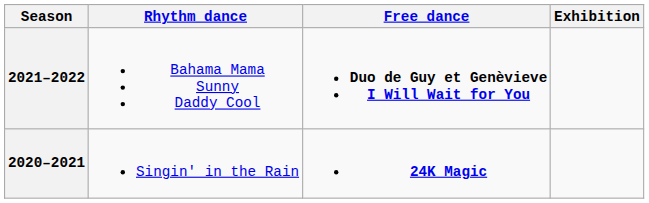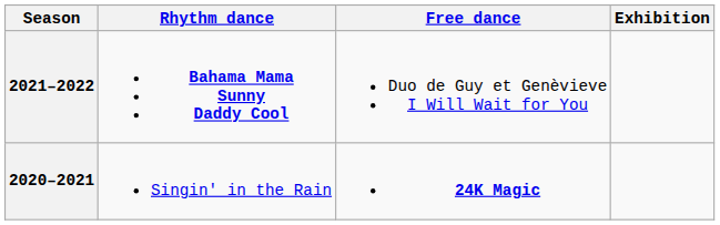 <table class=wikitable style=text-align:center>
 <tr>
 <th>Season</th>
 <th><a href='#'>Rhythm dance</a></th>
 <th><a href='#'>Free dance</a></th>
 <th>Exhibition</th>
 </tr>
 <tr>
 <th>2021–2022</th>
-<td><br><ul><li><a href='#'>Bahama Mama</a> <br> </li><li><a href='#'>Sunny</a> <br> </li><li><a href='#'>Daddy Cool</a> <br> </li></ul></td>
-<td><strong><br><ul><li>Duo de Guy et Genèvieve <br> </li><li><a href='#'>I Will Wait for You</a> <br> </li></ul></strong></td>
+<td><strong><br><ul><li><a href='#'>Bahama Mama</a> <br> </li><li><a href='#'>Sunny</a> <br> </li><li><a href='#'>Daddy Cool</a> <br> </li></ul></strong></td>
+<td><br><ul><li>Duo de Guy et Genèvieve <br> </li><li><a href='#'>I Will Wait for You</a> <br> </li></ul></td>
 </tr>
 <tr>
 <th>2020–2021</th>
 <td><br><ul><li><a href='#'>Singin' in the Rain</a> <br> </li></ul></td>
 <td><strong><br><ul><li><a href='#'>24K Magic</a> <br> </li></ul></strong></td>
 <td></td>
 </tr>
 </table>
